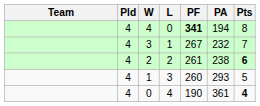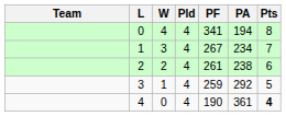 <table class="wikitable" style="text-align:center;">
 <tr>
 <th width=170>Team</th>
+<th width=25>L</th>
+<th width=25>W</th>
 <th width=25>Pld</th>
-<th width=25>W</th>
-<th width=25>L</th>
 <th width=35>PF</th>
 <th width=35>PA</th>
 <th width=25>Pts</th>
 </tr>
 <tr bgcolor=#ccffcc>
 <td align="left"></td>
+<td>0</td>
 <td>4</td>
 <td>4</td>
-<td>0</td>
-<td><strong>341</strong></td>
+<td>341</td>
 <td>194</td>
 <td>8</td>
 </tr>
 <tr bgcolor=#ccffcc>
 <td align="left"></td>
+<td>1</td>
+<td>3</td>
 <td>4</td>
-<td>3</td>
-<td>1</td>
 <td>267</td>
-<td>232</td>
+<td>234</td>
 <td>7</td>
 </tr>
 <tr bgcolor=#ccffcc>
 <td align="left"><em></em></td>
-<td>4</td>
 <td>2</td>
 <td>2</td>
+<td>4</td>
 <td>261</td>
 <td>238</td>
-<td><strong>6</strong></td>
+<td>6</td>
 </tr>
 <tr bgcolor=>
 <td align="left"></td>
+<td>3</td>
+<td>1</td>
 <td>4</td>
-<td>1</td>
-<td>3</td>
-<td>260</td>
-<td>293</td>
+<td>259</td>
+<td>292</td>
 <td>5</td>
 </tr>
 <tr bgcolor=>
 <td align="left"></td>
 <td>4</td>
 <td>0</td>
 <td>4</td>
 <td>190</td>
 <td>361</td>
 <td><strong>4</strong></td>
 </tr>
 </table>
